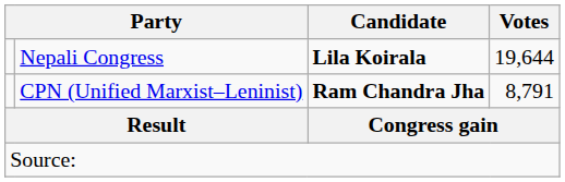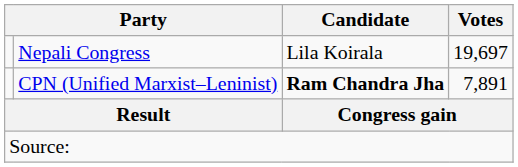 <table class="wikitable">
 <tr>
 <th colspan="2">Party</th>
 <th>Candidate</th>
 <th>Votes</th>
 </tr>
 <tr>
 <td style="background-color:"></td>
 <td><a href='#'>Nepali Congress</a></td>
-<td><strong>Lila Koirala</strong></td>
-<td style="text-align:right">19,644</td>
+<td>Lila Koirala</td>
+<td style="text-align:right">19,697</td>
 </tr>
 <tr>
 <td style="background-color:"></td>
 <td><a href='#'>CPN (Unified Marxist–Leninist)</a></td>
 <td><strong>Ram Chandra Jha</strong></td>
-<td style="text-align:right">8,791</td>
+<td style="text-align:right">7,891</td>
 </tr>
 <tr>
 <th colspan="2">Result</th>
 <th colspan="2">Congress gain</th>
 </tr>
 <tr>
 <td colspan="4">Source: </td>
 </tr>
 </table>
